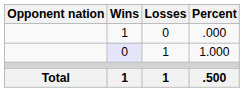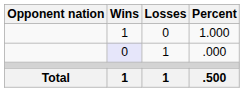 <table class=wikitable>
 <tr>
 <th>Opponent nation</th>
 <th>Wins</th>
 <th>Losses</th>
 <th>Percent</th>
 </tr>
 <tr align=center>
 <td align=left></td>
 <td>1</td>
 <td>0</td>
-<td>.000</td>
+<td>1.000</td>
 </tr>
 <tr align=center>
 <td align=left></td>
 <td style="background: lavender;">0</td>
 <td>1</td>
-<td>1.000</td>
+<td>.000</td>
 </tr>
 <tr>
 <td colspan=4 bgcolor=lightgray></td>
 </tr>
 <tr>
 <th>Total</th>
 <th>1</th>
 <th>1</th>
 <th>.500</th>
 </tr>
 </table>
